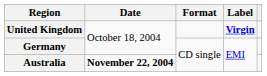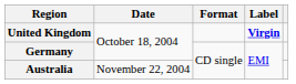 <table class="wikitable plainrowheaders">
 <tr>
 <th scope="col">Region</th>
 <th scope="col">Date</th>
 <th scope="col">Format</th>
 <th scope="col">Label</th>
 <th scope="col"></th>
 </tr>
 <tr>
 <th scope="row">United Kingdom</th>
 <td rowspan="2">October 18, 2004</td>
 <td></td>
 <td><strong><a href='#'>Virgin</a></strong></td>
 <td align="center"></td>
 </tr>
 <tr>
 <th scope="row">Germany</th>
 <td rowspan="2">CD single</td>
 <td rowspan="2"><a href='#'>EMI</a></td>
 <td align="center"></td>
 </tr>
 <tr>
 <th scope="row">Australia</th>
-<td><strong>November 22, 2004</strong></td>
+<td>November 22, 2004</td>
 <td align="center"></td>
 </tr>
 </table>
